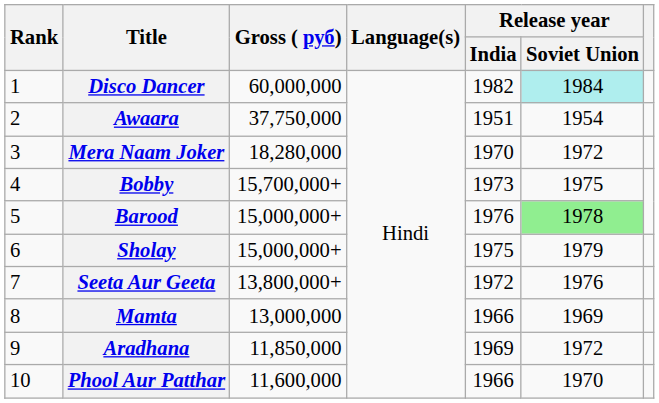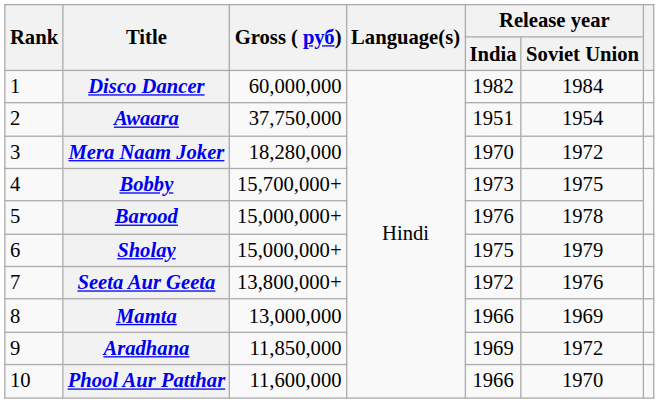 <table class="wikitable sortable plainrowheaders" style="margin:auto; margin:auto;">
 <tr>
 <th rowspan="2">Rank</th>
 <th rowspan="2">Title</th>
 <th rowspan="2">Gross ( <a href='#'>руб</a>)</th>
 <th rowspan="2">Language(s)</th>
 <th colspan="2">Release year</th>
 <th rowspan="2" class="unsortable"></th>
 </tr>
 <tr>
 <th>India</th>
 <th>Soviet Union</th>
 </tr>
 <tr>
 <td>1</td>
 <th scope="row"><em><a href='#'>Disco Dancer</a></em></th>
 <td style="text-align:right">60,000,000</td>
 <td rowspan="10" style="text-align:center;">Hindi</td>
 <td style="text-align:center;">1982</td>
-<td style="background: paleturquoise; text-align:center;">1984</td>
+<td style="text-align:center;">1984</td>
 <td style="text-align:center;"></td>
 </tr>
 <tr>
 <td>2</td>
 <th scope="row"><em><a href='#'>Awaara</a></em></th>
 <td style="text-align:right">37,750,000</td>
 <td style="text-align:center;">1951</td>
 <td style="text-align:center;">1954</td>
 <td style="text-align:center;"></td>
 </tr>
 <tr>
 <td>3</td>
 <th scope="row"><em><a href='#'>Mera Naam Joker</a></em></th>
 <td style="text-align:right">18,280,000</td>
 <td style="text-align:center;">1970</td>
 <td style="text-align:center;">1972</td>
 <td style="text-align:center;"></td>
 </tr>
 <tr>
 <td>4</td>
 <th scope="row"><em><a href='#'>Bobby</a></em></th>
 <td style="text-align:right">15,700,000+</td>
 <td style="text-align:center;">1973</td>
 <td style="text-align:center;">1975</td>
 <td rowspan="2" style="text-align:center;"></td>
 </tr>
 <tr>
 <td>5</td>
 <th scope="row"><em><a href='#'>Barood</a></em></th>
 <td style="text-align:right">15,000,000+</td>
 <td style="text-align:center;">1976</td>
-<td style="background: lightgreen; text-align:center;">1978</td>
+<td style="text-align:center;">1978</td>
 </tr>
 <tr>
 <td>6</td>
 <th scope="row"><em><a href='#'>Sholay</a></em></th>
 <td style="text-align:right">15,000,000+</td>
 <td style="text-align:center;">1975</td>
 <td style="text-align:center;">1979</td>
 <td style="text-align:center;"></td>
 </tr>
 <tr>
 <td>7</td>
 <th scope="row"><em><a href='#'>Seeta Aur Geeta</a></em></th>
 <td style="text-align:right">13,800,000+</td>
 <td style="text-align:center;">1972</td>
 <td style="text-align:center;">1976</td>
 <td style="text-align:center;"></td>
 </tr>
 <tr>
 <td>8</td>
 <th scope="row"><em><a href='#'>Mamta</a></em></th>
 <td style="text-align:right">13,000,000</td>
 <td style="text-align:center;">1966</td>
 <td style="text-align:center;">1969</td>
 <td style="text-align:center;"></td>
 </tr>
 <tr>
 <td>9</td>
 <th scope="row"><em><a href='#'>Aradhana</a></em></th>
 <td style="text-align:right">11,850,000</td>
 <td style="text-align:center;">1969</td>
 <td style="text-align:center;">1972</td>
 <td style="text-align:center;"></td>
 </tr>
 <tr>
 <td>10</td>
 <th scope="row"><em><a href='#'>Phool Aur Patthar</a></em></th>
 <td style="text-align:right">11,600,000</td>
 <td style="text-align:center;">1966</td>
 <td style="text-align:center;">1970</td>
 <td style="text-align:center;"></td>
 </tr>
 </table>
